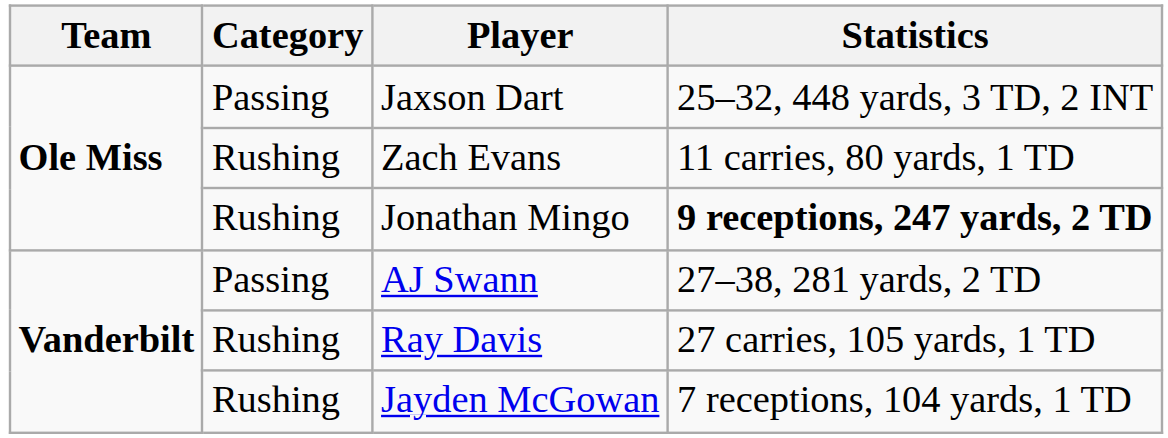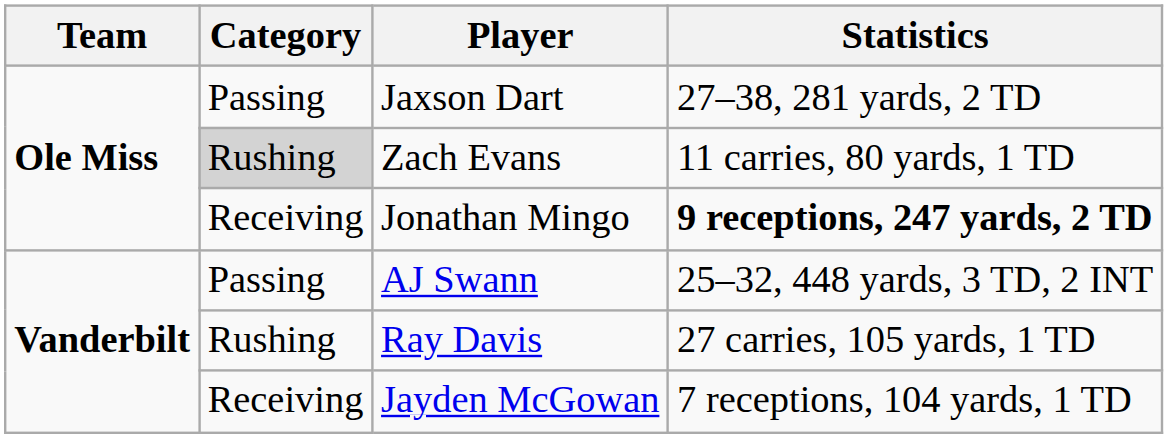 <table class="wikitable" style="float: right;">
 <tr>
 <th>Team</th>
 <th>Category</th>
 <th>Player</th>
 <th>Statistics</th>
 </tr>
 <tr>
 <td rowspan=3><strong>Ole Miss</strong></td>
 <td>Passing</td>
 <td>Jaxson Dart</td>
-<td>25–32, 448 yards, 3 TD, 2 INT</td>
+<td>27–38, 281 yards, 2 TD</td>
 </tr>
 <tr>
-<td>Rushing</td>
+<td style="background: lightgrey;">Rushing</td>
 <td>Zach Evans</td>
 <td>11 carries, 80 yards, 1 TD</td>
 </tr>
 <tr>
-<td>Rushing</td>
+<td>Receiving</td>
 <td>Jonathan Mingo</td>
 <td><strong>9 receptions, 247 yards, 2 TD</strong></td>
 </tr>
 <tr>
 <td rowspan=3><strong>Vanderbilt</strong></td>
 <td>Passing</td>
 <td><a href='#'>AJ Swann</a></td>
-<td>27–38, 281 yards, 2 TD</td>
+<td>25–32, 448 yards, 3 TD, 2 INT</td>
 </tr>
 <tr>
 <td>Rushing</td>
 <td><a href='#'>Ray Davis</a></td>
 <td>27 carries, 105 yards, 1 TD</td>
 </tr>
 <tr>
-<td>Rushing</td>
+<td>Receiving</td>
 <td><a href='#'>Jayden McGowan</a></td>
 <td>7 receptions, 104 yards, 1 TD</td>
 </tr>
 </table>
